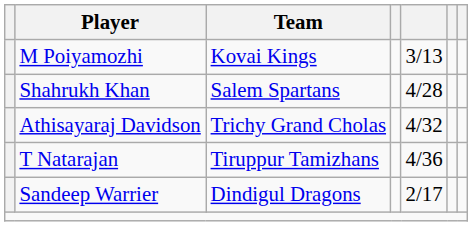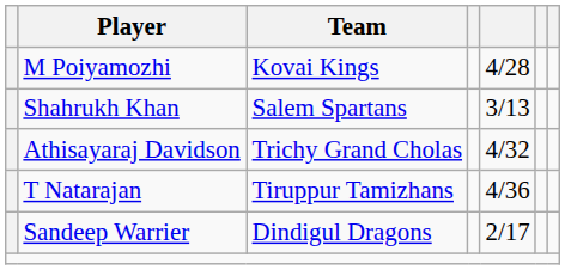 <table class="wikitable" style="text-align:left;font-size:90%;">
 <tr>
 <th></th>
 <th>Player</th>
 <th>Team</th>
 <th></th>
 <th></th>
 <th></th>
 <th></th>
 </tr>
 <tr>
 <th></th>
 <td> <a href='#'>M Poiyamozhi</a></td>
 <td><a href='#'>Kovai Kings</a></td>
 <td></td>
-<td>3/13</td>
+<td>4/28</td>
 <td></td>
 <td></td>
 </tr>
 <tr>
 <th></th>
 <td> <a href='#'>Shahrukh Khan</a></td>
 <td><a href='#'>Salem Spartans</a></td>
 <td></td>
-<td>4/28</td>
+<td>3/13</td>
 <td></td>
 <td></td>
 </tr>
 <tr>
 <th></th>
 <td> <a href='#'>Athisayaraj Davidson</a></td>
 <td><a href='#'>Trichy Grand Cholas</a></td>
 <td></td>
 <td>4/32</td>
 <td></td>
 <td></td>
 </tr>
 <tr>
 <th></th>
 <td> <a href='#'>T Natarajan</a></td>
 <td><a href='#'>Tiruppur Tamizhans</a></td>
 <td></td>
 <td>4/36</td>
 <td></td>
 <td></td>
 </tr>
 <tr>
 <th></th>
 <td> <a href='#'>Sandeep Warrier</a></td>
 <td><a href='#'>Dindigul Dragons</a></td>
 <td></td>
 <td>2/17</td>
 <td></td>
 <td></td>
 </tr>
 <tr>
 <td colspan="14"><small></small></td>
 </tr>
 </table>
